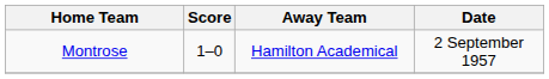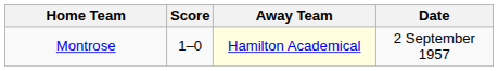 <table class="wikitable" style="text-align:center;">
 <tr>
 <th width=175>Home Team</th>
 <th width=20>Score</th>
 <th width=175>Away Team</th>
 <th width= 125>Date</th>
 </tr>
 <tr>
 <td><a href='#'>Montrose</a></td>
 <td>1–0</td>
-<td><a href='#'>Hamilton Academical</a></td>
+<td style="background: lightyellow;"><a href='#'>Hamilton Academical</a></td>
 <td>2 September 1957</td>
 </tr>
 <tr>
 </tr>
 </table>
